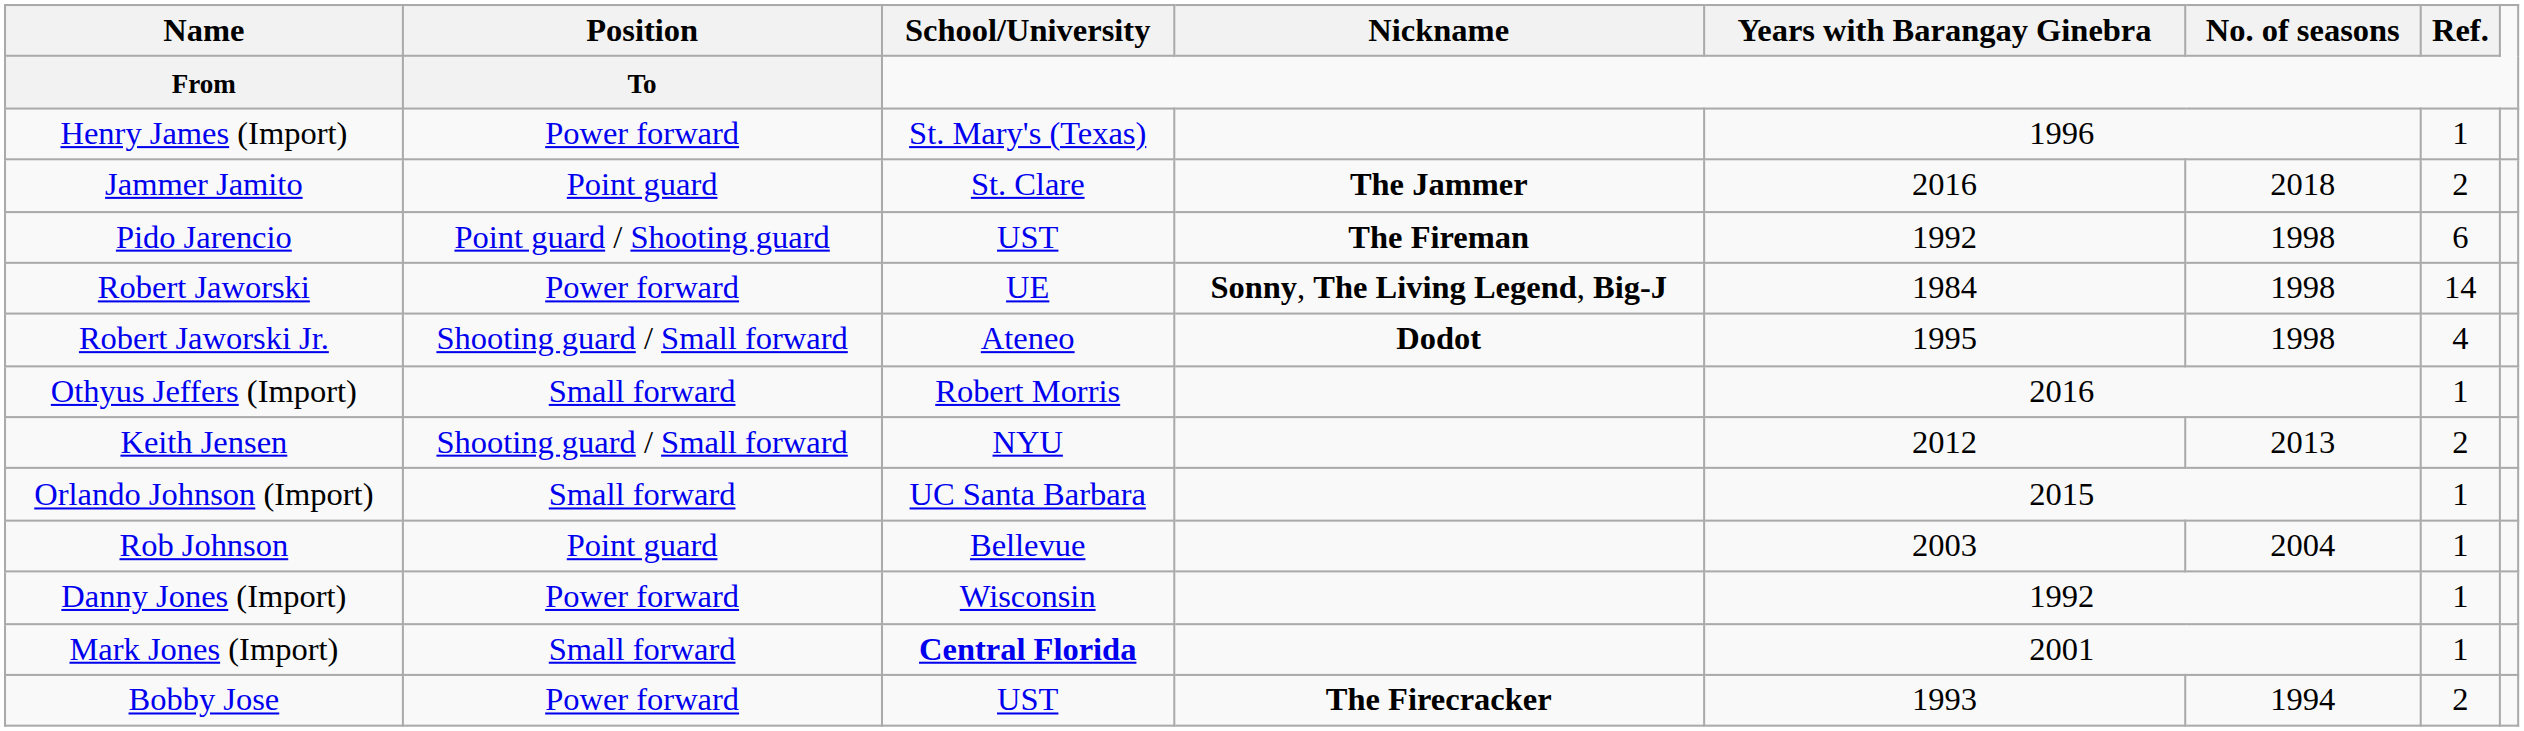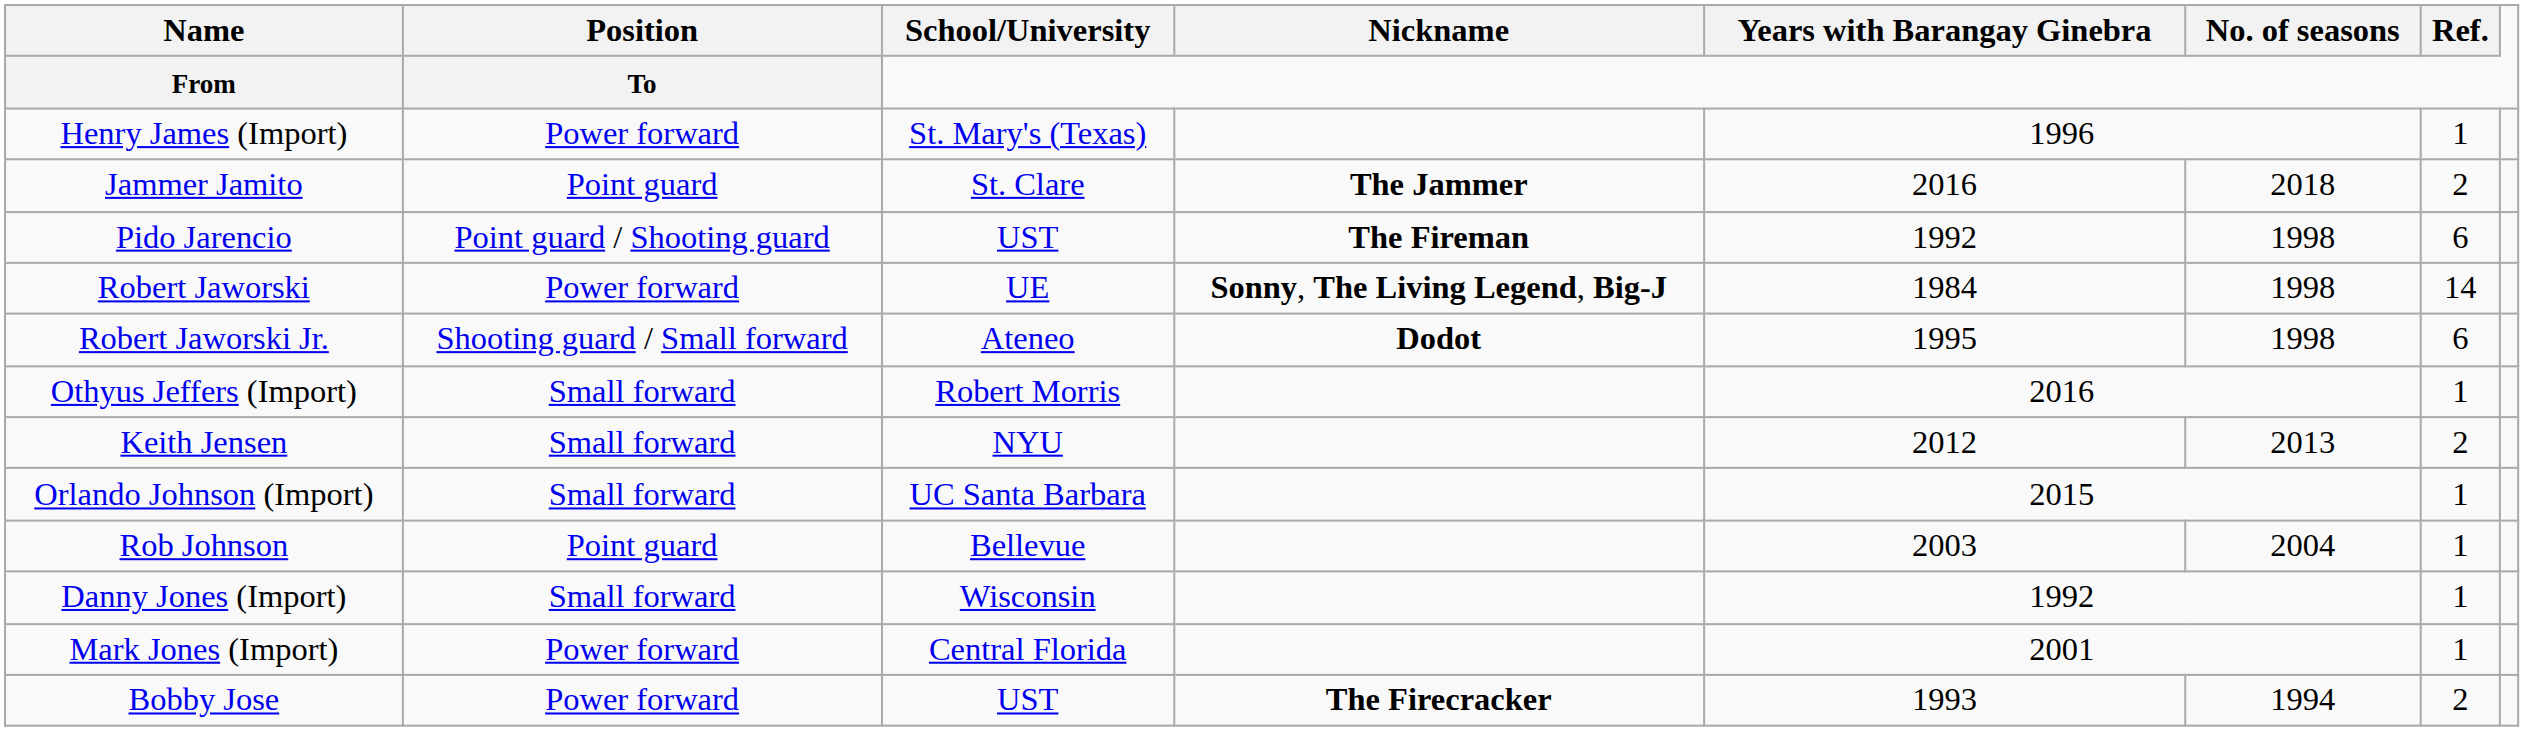 <table class="wikitable sortable" style="text-align:center" width="98%">
 <tr>
 <th>Name</th>
 <th>Position</th>
 <th>School/University</th>
 <th>Nickname</th>
 <th>Years with Barangay Ginebra</th>
 <th>No. of seasons</th>
 <th>Ref.</th>
 </tr>
 <tr>
 <th><small>From</small></th>
 <th><small>To</small></th>
 </tr>
 <tr>
 <td><a href='#'>Henry James</a> (Import)</td>
 <td><a href='#'>Power forward</a></td>
 <td><a href='#'>St. Mary's (Texas)</a></td>
 <td></td>
 <td colspan="2">1996</td>
 <td>1</td>
 <td></td>
 </tr>
 <tr>
 <td><a href='#'>Jammer Jamito</a></td>
 <td><a href='#'>Point guard</a></td>
 <td><a href='#'>St. Clare</a></td>
 <td><strong>The Jammer</strong></td>
 <td>2016</td>
 <td>2018</td>
 <td>2</td>
 <td></td>
 </tr>
 <tr>
 <td><a href='#'>Pido Jarencio</a></td>
 <td><a href='#'>Point guard</a> / <a href='#'>Shooting guard</a></td>
 <td><a href='#'>UST</a></td>
 <td><strong>The Fireman</strong></td>
 <td>1992</td>
 <td>1998</td>
 <td>6</td>
 <td></td>
 </tr>
 <tr>
 <td><a href='#'>Robert Jaworski</a></td>
 <td><a href='#'>Power forward</a></td>
 <td><a href='#'>UE</a></td>
 <td><strong>Sonny</strong>, <strong>The Living Legend</strong>, <strong>Big-J</strong></td>
 <td>1984</td>
 <td>1998</td>
 <td>14</td>
 <td></td>
 </tr>
 <tr>
 <td><a href='#'>Robert Jaworski Jr.</a></td>
 <td><a href='#'>Shooting guard</a> / <a href='#'>Small forward</a></td>
 <td><a href='#'>Ateneo</a></td>
 <td><strong>Dodot</strong></td>
 <td>1995</td>
 <td>1998</td>
-<td>4</td>
+<td>6</td>
 <td></td>
 </tr>
 <tr>
 <td><a href='#'>Othyus Jeffers</a> (Import)</td>
 <td><a href='#'>Small forward</a></td>
 <td><a href='#'>Robert Morris</a></td>
 <td></td>
 <td colspan="2">2016</td>
 <td>1</td>
 <td></td>
 </tr>
 <tr>
 <td><a href='#'>Keith Jensen</a></td>
-<td><a href='#'>Shooting guard</a> / <a href='#'>Small forward</a></td>
+<td><a href='#'>Small forward</a></td>
 <td><a href='#'>NYU</a></td>
 <td></td>
 <td>2012</td>
 <td>2013</td>
 <td>2</td>
 <td></td>
 </tr>
 <tr>
 <td><a href='#'>Orlando Johnson</a> (Import)</td>
 <td><a href='#'>Small forward</a></td>
 <td><a href='#'>UC Santa Barbara</a></td>
 <td></td>
 <td colspan="2">2015</td>
 <td>1</td>
 <td></td>
 </tr>
 <tr>
 <td><a href='#'>Rob Johnson</a></td>
 <td><a href='#'>Point guard</a></td>
 <td><a href='#'>Bellevue</a></td>
 <td></td>
 <td>2003</td>
 <td>2004</td>
 <td>1</td>
 <td></td>
 </tr>
 <tr>
 <td><a href='#'>Danny Jones</a> (Import)</td>
-<td><a href='#'>Power forward</a></td>
+<td><a href='#'>Small forward</a></td>
 <td><a href='#'>Wisconsin</a></td>
 <td></td>
 <td colspan="2">1992</td>
 <td>1</td>
 <td></td>
 </tr>
 <tr>
 <td><a href='#'>Mark Jones</a> (Import)</td>
-<td><a href='#'>Small forward</a></td>
-<td><strong><a href='#'>Central Florida</a></strong></td>
+<td><a href='#'>Power forward</a></td>
+<td><a href='#'>Central Florida</a></td>
 <td></td>
 <td colspan="2">2001</td>
 <td>1</td>
 <td></td>
 </tr>
 <tr>
 <td><a href='#'>Bobby Jose</a></td>
 <td><a href='#'>Power forward</a></td>
 <td><a href='#'>UST</a></td>
 <td><strong>The Firecracker</strong></td>
 <td>1993</td>
 <td>1994</td>
 <td>2</td>
 <td></td>
 </tr>
 </table>
